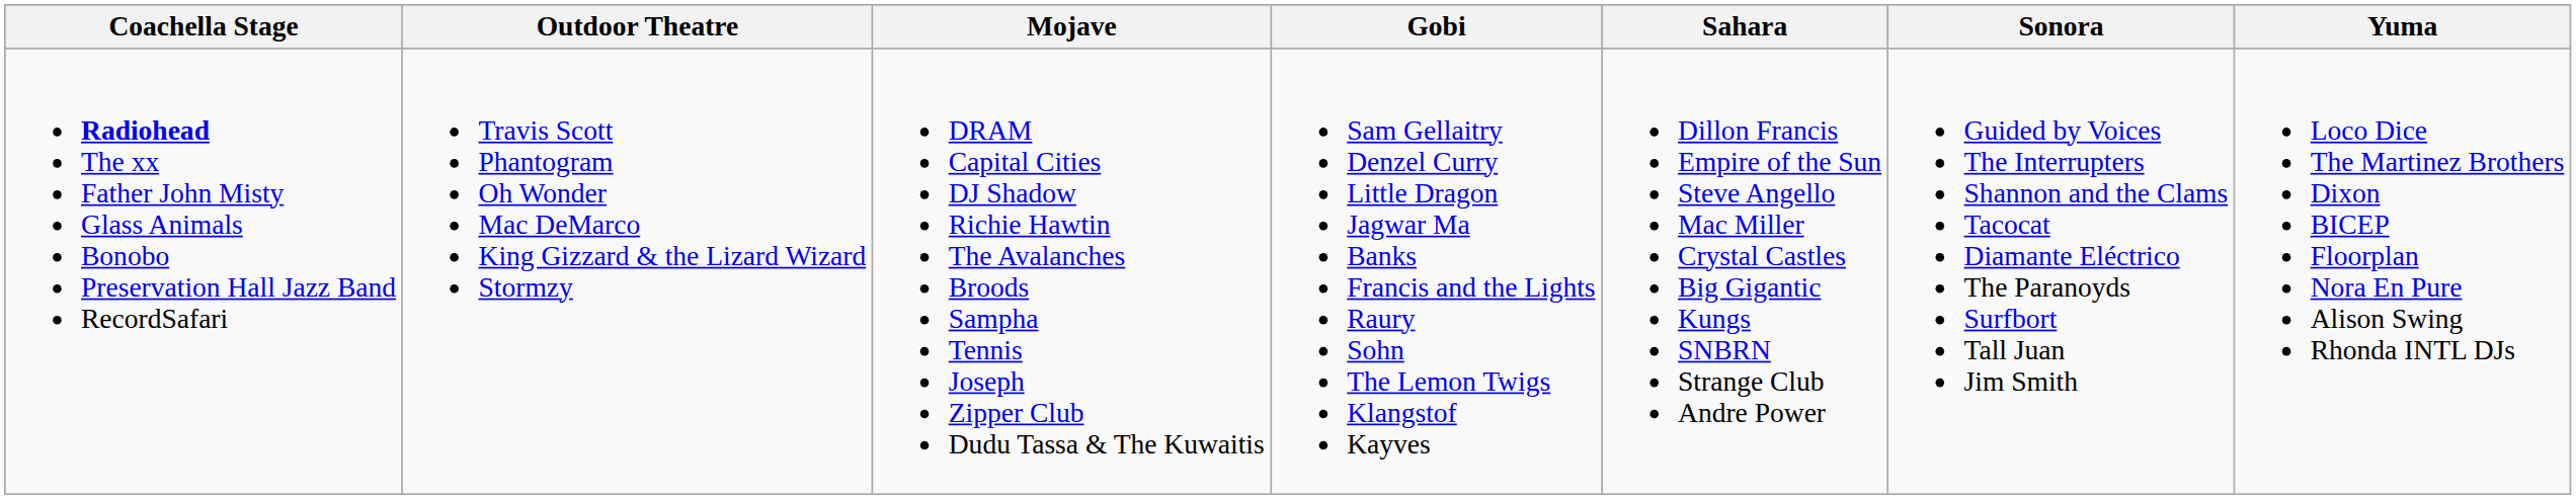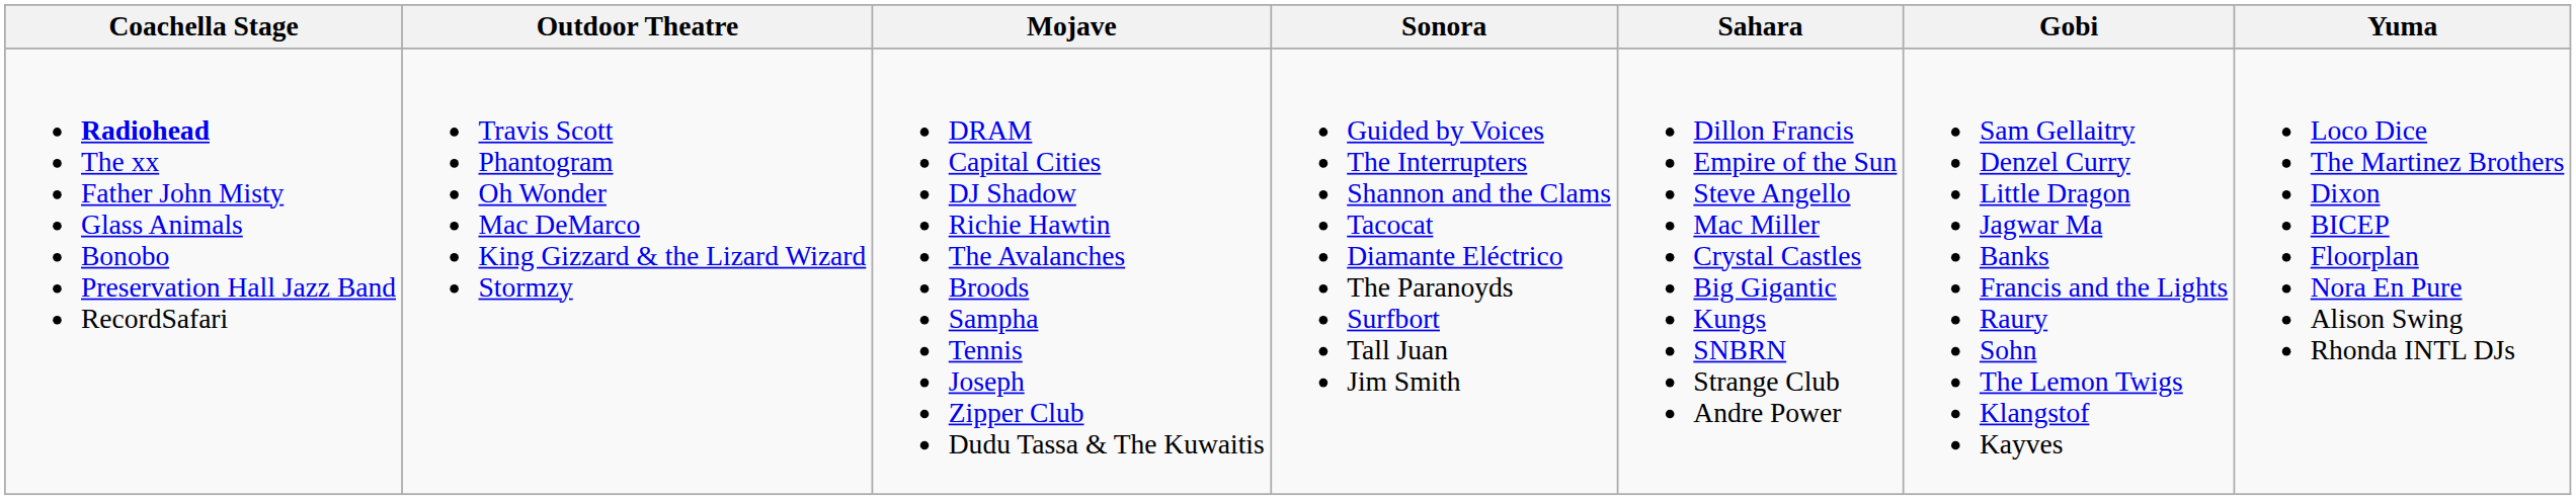 <table class="wikitable">
 <tr>
 <th>Coachella Stage</th>
 <th>Outdoor Theatre</th>
 <th>Mojave</th>
+<th>Sonora</th>
+<th>Sahara</th>
 <th>Gobi</th>
-<th>Sahara</th>
-<th>Sonora</th>
 <th>Yuma</th>
 </tr>
 <tr valign="top">
 <td><br><ul><li><strong><a href='#'>Radiohead</a></strong></li><li><a href='#'>The xx</a></li><li><a href='#'>Father John Misty</a></li><li><a href='#'>Glass Animals</a></li><li><a href='#'>Bonobo</a></li><li><a href='#'>Preservation Hall Jazz Band</a></li><li>RecordSafari</li></ul></td>
 <td><br><ul><li><a href='#'>Travis Scott</a></li><li><a href='#'>Phantogram</a></li><li><a href='#'>Oh Wonder</a></li><li><a href='#'>Mac DeMarco</a></li><li><a href='#'>King Gizzard & the Lizard Wizard</a></li><li><a href='#'>Stormzy</a></li></ul></td>
 <td><br><ul><li><a href='#'>DRAM</a></li><li><a href='#'>Capital Cities</a></li><li><a href='#'>DJ Shadow</a></li><li><a href='#'>Richie Hawtin</a></li><li><a href='#'>The Avalanches</a></li><li><a href='#'>Broods</a></li><li><a href='#'>Sampha</a></li><li><a href='#'>Tennis</a></li><li><a href='#'>Joseph</a></li><li><a href='#'>Zipper Club</a></li><li>Dudu Tassa & The Kuwaitis</li></ul></td>
+<td><br><ul><li><a href='#'>Guided by Voices</a></li><li><a href='#'>The Interrupters</a></li><li><a href='#'>Shannon and the Clams</a></li><li><a href='#'>Tacocat</a></li><li><a href='#'>Diamante Eléctrico</a></li><li>The Paranoyds</li><li><a href='#'>Surfbort</a></li><li>Tall Juan</li><li>Jim Smith</li></ul></td>
+<td><br><ul><li><a href='#'>Dillon Francis</a></li><li><a href='#'>Empire of the Sun</a></li><li><a href='#'>Steve Angello</a></li><li><a href='#'>Mac Miller</a></li><li><a href='#'>Crystal Castles</a></li><li><a href='#'>Big Gigantic</a></li><li><a href='#'>Kungs</a></li><li><a href='#'>SNBRN</a></li><li>Strange Club</li><li>Andre Power</li></ul></td>
 <td><br><ul><li><a href='#'>Sam Gellaitry</a></li><li><a href='#'>Denzel Curry</a></li><li><a href='#'>Little Dragon</a></li><li><a href='#'>Jagwar Ma</a></li><li><a href='#'>Banks</a></li><li><a href='#'>Francis and the Lights</a></li><li><a href='#'>Raury</a></li><li><a href='#'>Sohn</a></li><li><a href='#'>The Lemon Twigs</a></li><li><a href='#'>Klangstof</a></li><li>Kayves</li></ul></td>
-<td><br><ul><li><a href='#'>Dillon Francis</a></li><li><a href='#'>Empire of the Sun</a></li><li><a href='#'>Steve Angello</a></li><li><a href='#'>Mac Miller</a></li><li><a href='#'>Crystal Castles</a></li><li><a href='#'>Big Gigantic</a></li><li><a href='#'>Kungs</a></li><li><a href='#'>SNBRN</a></li><li>Strange Club</li><li>Andre Power</li></ul></td>
-<td><br><ul><li><a href='#'>Guided by Voices</a></li><li><a href='#'>The Interrupters</a></li><li><a href='#'>Shannon and the Clams</a></li><li><a href='#'>Tacocat</a></li><li><a href='#'>Diamante Eléctrico</a></li><li>The Paranoyds</li><li><a href='#'>Surfbort</a></li><li>Tall Juan</li><li>Jim Smith</li></ul></td>
 <td><br><ul><li><a href='#'>Loco Dice</a></li><li><a href='#'>The Martinez Brothers</a></li><li><a href='#'>Dixon</a></li><li><a href='#'>BICEP</a></li><li><a href='#'>Floorplan</a></li><li><a href='#'>Nora En Pure</a></li><li>Alison Swing</li><li>Rhonda INTL DJs</li></ul></td>
 </tr>
 </table>
